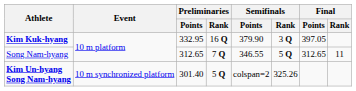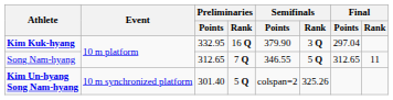 <table class=wikitable style="font-size:90%;">
 <tr>
 <th rowspan="2">Athlete</th>
 <th rowspan="2">Event</th>
 <th colspan="2">Preliminaries</th>
 <th colspan="2">Semifinals</th>
 <th colspan="2">Final</th>
 </tr>
 <tr style="font-size:95%">
 <th>Points</th>
 <th>Rank</th>
 <th>Points</th>
 <th>Rank</th>
 <th>Points</th>
 <th>Rank</th>
 </tr>
 <tr align=center>
 <td align=left><strong><a href='#'>Kim Kuk-hyang</a></strong></td>
 <td align=left rowspan=2><a href='#'>10 m platform</a></td>
 <td>332.95</td>
 <td>16 <strong>Q</strong></td>
 <td>379.90</td>
 <td>3 <strong>Q</strong></td>
-<td>397.05</td>
+<td>297.04</td>
 <td></td>
 </tr>
 <tr align=center>
 <td align=left><a href='#'>Song Nam-hyang</a></td>
 <td>312.65</td>
 <td>7 <strong>Q</strong></td>
 <td>346.55</td>
 <td>5 <strong>Q</strong></td>
 <td>312.65</td>
 <td>11</td>
 </tr>
 <tr align=center>
 <td align=left><strong><a href='#'>Kim Un-hyang</a><br><a href='#'>Song Nam-hyang</a></strong></td>
 <td align=left><a href='#'>10 m synchronized platform</a></td>
 <td>301.40</td>
 <td>5 <strong>Q</strong></td>
 <td>colspan=2 </td>
 <td>325.26</td>
 <td></td>
 </tr>
 </table>
